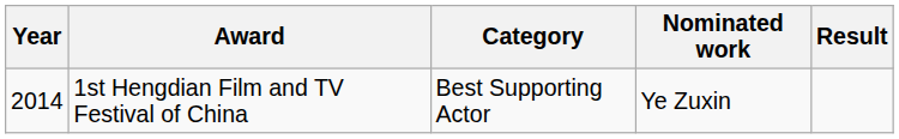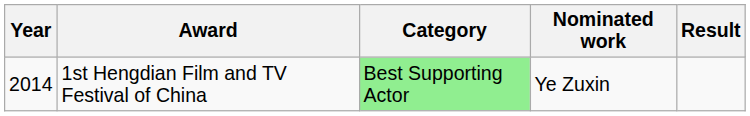 <table class="wikitable">
 <tr>
 <th>Year</th>
 <th>Award</th>
 <th>Category</th>
 <th>Nominated work</th>
 <th>Result</th>
 </tr>
 <tr>
 <td rowspan=2>2014</td>
 <td rowspan=2>1st Hengdian Film and TV Festival of China</td>
-<td>Best Supporting Actor</td>
+<td style="background: lightgreen;">Best Supporting Actor</td>
 <td>Ye Zuxin</td>
 <td></td>
 </tr>
 </table>
